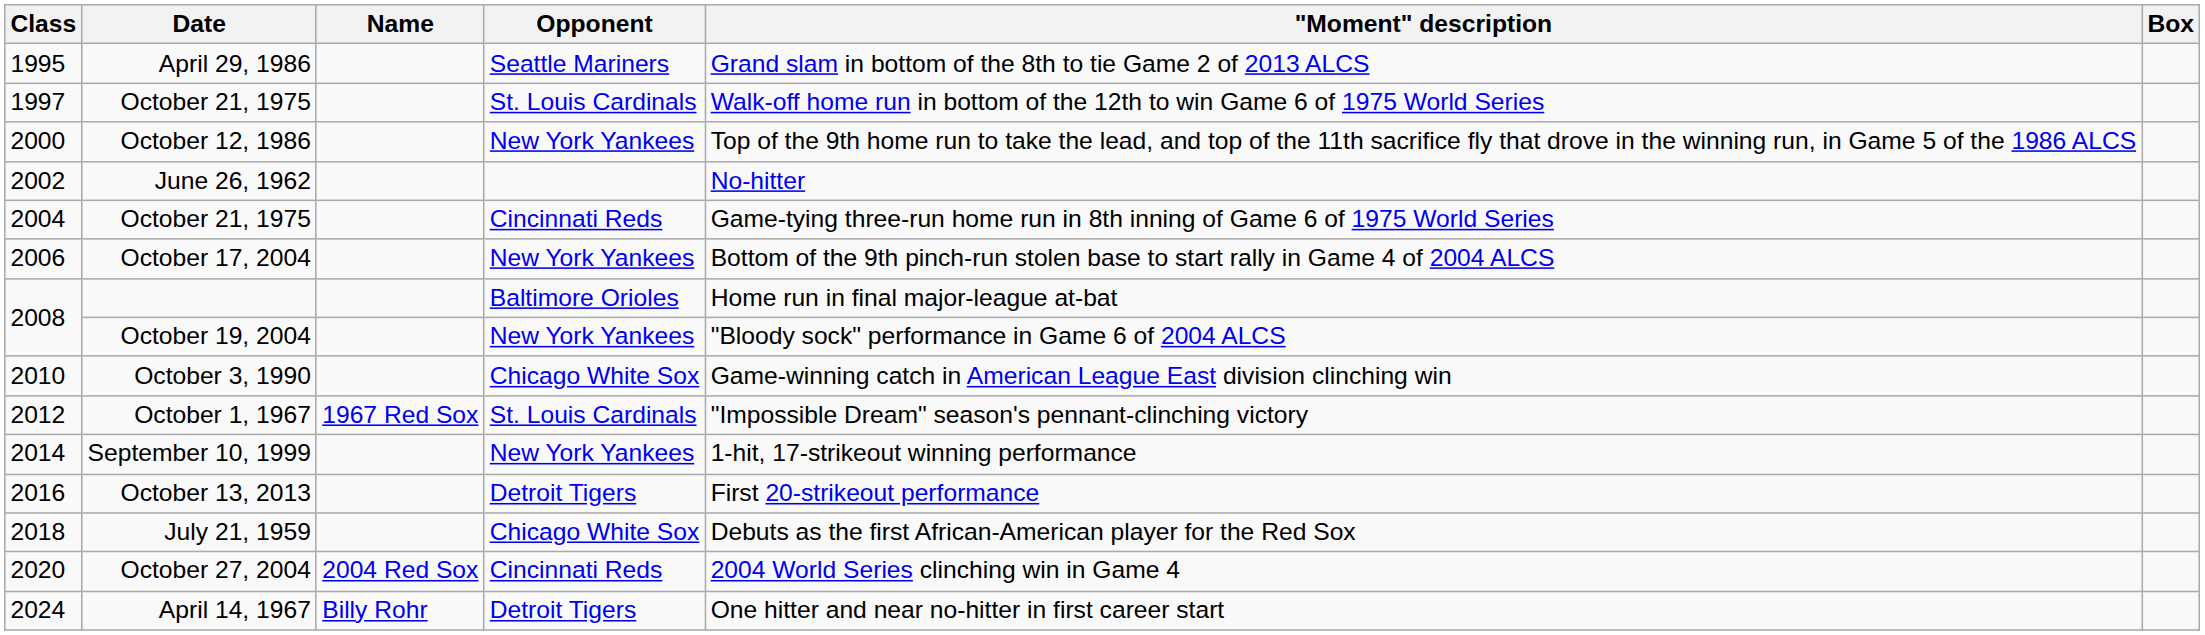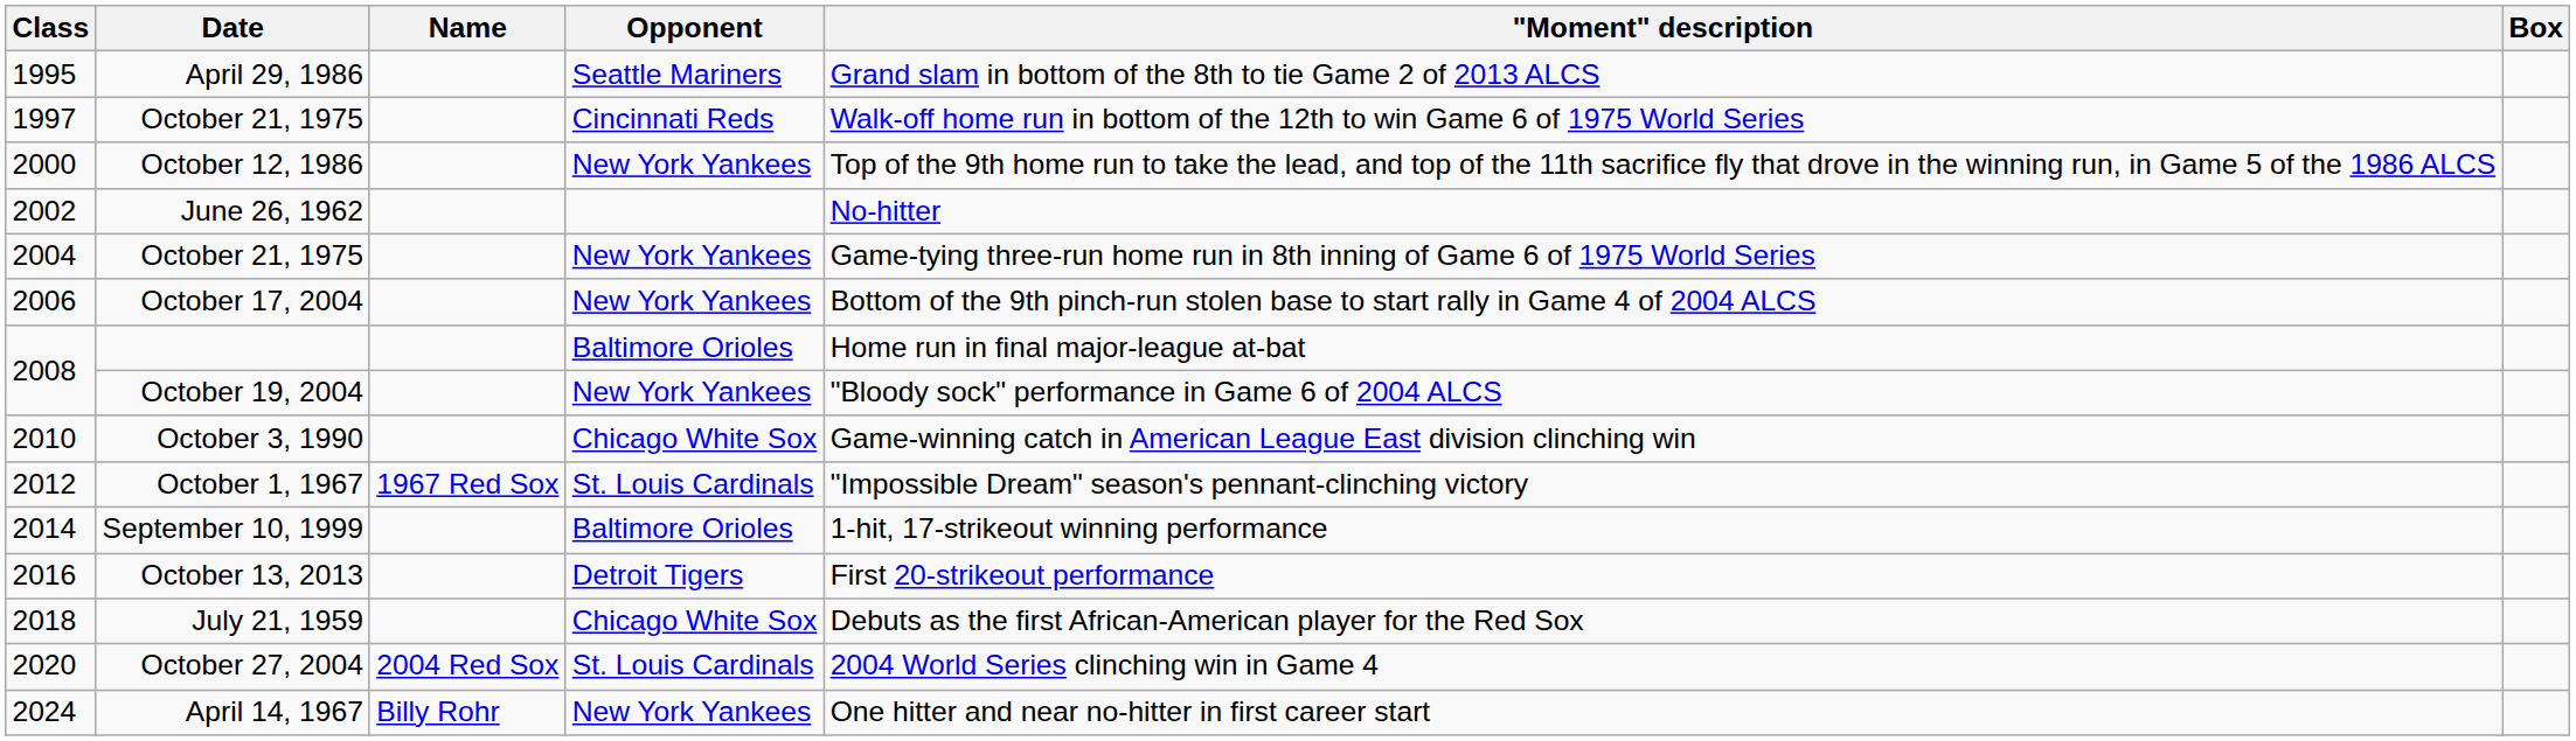 <table class="wikitable sortable" style="text-align:left">
 <tr>
 <th scope="col">Class</th>
 <th scope="col">Date</th>
 <th scope="col">Name</th>
 <th scope="col">Opponent</th>
 <th scope="col">"Moment" description</th>
 <th scope="col">Box</th>
 </tr>
 <tr>
 <td>1995</td>
 <td align=right>April 29, 1986</td>
 <td></td>
 <td><a href='#'>Seattle Mariners</a></td>
 <td><a href='#'>Grand slam</a> in bottom of the 8th to tie Game 2 of <a href='#'>2013 ALCS</a></td>
 <td></td>
 </tr>
 <tr>
 <td>1997</td>
 <td align=right>October 21, 1975</td>
 <td></td>
-<td><a href='#'>St. Louis Cardinals</a></td>
+<td><a href='#'>Cincinnati Reds</a></td>
 <td><a href='#'>Walk-off home run</a> in bottom of the 12th to win Game 6 of <a href='#'>1975 World Series</a></td>
 <td></td>
 </tr>
 <tr>
 <td>2000</td>
 <td align=right>October 12, 1986</td>
 <td></td>
 <td><a href='#'>New York Yankees</a></td>
 <td>Top of the 9th home run to take the lead, and top of the 11th sacrifice fly that drove in the winning run, in Game 5 of the <a href='#'>1986 ALCS</a></td>
 <td></td>
 </tr>
 <tr>
 <td>2002</td>
 <td align=right>June 26, 1962</td>
 <td></td>
 <td></td>
 <td><a href='#'>No-hitter</a></td>
 <td></td>
 </tr>
 <tr>
 <td>2004</td>
 <td align=right>October 21, 1975</td>
 <td></td>
-<td><a href='#'>Cincinnati Reds</a></td>
+<td><a href='#'>New York Yankees</a></td>
 <td>Game-tying three-run home run in 8th inning of Game 6 of <a href='#'>1975 World Series</a></td>
 <td></td>
 </tr>
 <tr>
 <td>2006</td>
 <td align=right>October 17, 2004</td>
 <td></td>
 <td><a href='#'>New York Yankees</a></td>
 <td>Bottom of the 9th pinch-run stolen base to start rally in Game 4 of <a href='#'>2004 ALCS</a></td>
 <td></td>
 </tr>
 <tr>
 <td rowspan=2>2008</td>
 <td align=right></td>
 <td></td>
 <td><a href='#'>Baltimore Orioles</a></td>
 <td>Home run in final major-league at-bat</td>
 <td></td>
 </tr>
 <tr>
 <td align=right>October 19, 2004</td>
 <td></td>
 <td><a href='#'>New York Yankees</a></td>
 <td>"Bloody sock" performance in Game 6 of <a href='#'>2004 ALCS</a></td>
 <td></td>
 </tr>
 <tr>
 <td>2010</td>
 <td align=right>October 3, 1990</td>
 <td></td>
 <td><a href='#'>Chicago White Sox</a></td>
 <td>Game-winning catch in <a href='#'>American League East</a> division clinching win</td>
 <td></td>
 </tr>
 <tr>
 <td>2012</td>
 <td align=right>October 1, 1967</td>
 <td><a href='#'>1967 Red Sox</a></td>
 <td><a href='#'>St. Louis Cardinals</a></td>
 <td>"Impossible Dream" season's pennant-clinching victory</td>
 <td></td>
 </tr>
 <tr>
 <td>2014</td>
 <td align=right>September 10, 1999</td>
 <td></td>
-<td><a href='#'>New York Yankees</a></td>
+<td><a href='#'>Baltimore Orioles</a></td>
 <td>1-hit, 17-strikeout winning performance</td>
 <td></td>
 </tr>
 <tr>
 <td>2016</td>
 <td align=right>October 13, 2013</td>
 <td></td>
 <td><a href='#'>Detroit Tigers</a></td>
 <td>First <a href='#'>20-strikeout performance</a></td>
 <td></td>
 </tr>
 <tr>
 <td>2018</td>
 <td align=right>July 21, 1959</td>
 <td></td>
 <td><a href='#'>Chicago White Sox</a></td>
 <td>Debuts as the first African-American player for the Red Sox</td>
 <td></td>
 </tr>
 <tr>
 <td>2020</td>
 <td align=right>October 27, 2004</td>
 <td><a href='#'>2004 Red Sox</a></td>
-<td><a href='#'>Cincinnati Reds</a></td>
+<td><a href='#'>St. Louis Cardinals</a></td>
 <td><a href='#'>2004 World Series</a> clinching win in Game 4</td>
 <td></td>
 </tr>
 <tr>
 <td>2024</td>
 <td align=right>April 14, 1967</td>
 <td><a href='#'>Billy Rohr</a></td>
-<td><a href='#'>Detroit Tigers</a></td>
+<td><a href='#'>New York Yankees</a></td>
 <td>One hitter and near no-hitter in first career start</td>
 <td></td>
 </tr>
 </table>
